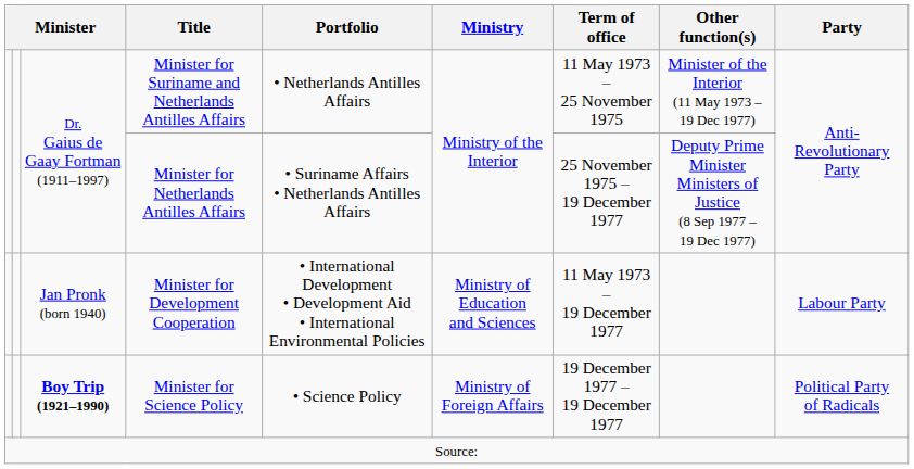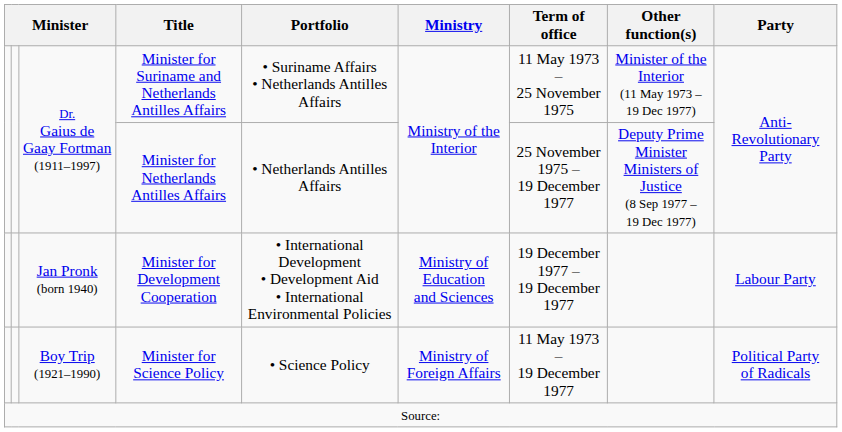 <table class="wikitable" style="text-align:center">
 <tr>
 <th colspan=3>Minister</th>
 <th>Title</th>
 <th>Portfolio</th>
 <th><a href='#'>Ministry</a></th>
 <th>Term of office</th>
 <th>Other function(s)</th>
 <th>Party</th>
 </tr>
 <tr>
 <td rowspan=2 style="background:"></td>
 <td rowspan=2></td>
 <td rowspan=2><small><a href='#'>Dr.</a></small> <br> <a href='#'>Gaius de Gaay Fortman</a> <br> <small>(1911–1997)</small></td>
 <td><a href='#'>Minister for Suriname and <br> Netherlands Antilles Affairs</a></td>
-<td>• Netherlands Antilles Affairs</td>
+<td>• Suriname Affairs <br> • Netherlands Antilles Affairs</td>
 <td rowspan=2><a href='#'>Ministry of the Interior</a></td>
 <td>11 May 1973 – <br> 25 November 1975</td>
 <td><a href='#'>Minister of the Interior</a> <br> <small>(11 May 1973 – <br> 19 Dec 1977)</small></td>
 <td rowspan=2><a href='#'>Anti-Revolutionary Party</a></td>
 </tr>
 <tr>
 <td><a href='#'>Minister for Netherlands <br> Antilles Affairs</a></td>
-<td>• Suriname Affairs <br> • Netherlands Antilles Affairs</td>
+<td>• Netherlands Antilles Affairs</td>
 <td>25 November 1975 – <br> 19 December 1977</td>
 <td><a href='#'>Deputy Prime Minister</a> <br> <a href='#'>Ministers of Justice</a> <br> <small>(8 Sep 1977 – <br> 19 Dec 1977)</small></td>
 </tr>
 <tr>
 <td style="background:"></td>
 <td></td>
 <td><a href='#'>Jan Pronk</a> <br> <small>(born 1940)</small></td>
 <td><a href='#'>Minister for <br> Development Cooperation</a></td>
 <td>• International Development <br> • Development Aid <br> • International Environmental Policies</td>
 <td><a href='#'>Ministry of Education <br> and Sciences</a></td>
-<td>11 May 1973 – <br> 19 December 1977</td>
+<td>19 December 1977 – <br> 19 December 1977</td>
 <td></td>
 <td><a href='#'>Labour Party</a></td>
 </tr>
 <tr>
 <td style="background:"></td>
 <td></td>
-<td><strong><a href='#'>Boy Trip</a> <br> <small>(1921–1990)</small></strong></td>
+<td><a href='#'>Boy Trip</a> <br> <small>(1921–1990)</small></td>
 <td><a href='#'>Minister for Science Policy</a></td>
 <td>• Science Policy</td>
 <td><a href='#'>Ministry of Foreign Affairs</a></td>
-<td>19 December 1977 – <br> 19 December 1977</td>
+<td>11 May 1973 – <br> 19 December 1977</td>
 <td></td>
 <td><a href='#'>Political Party <br> of Radicals</a></td>
 </tr>
 <tr>
 <td colspan=9><small>Source:</small></td>
 </tr>
 </table>
